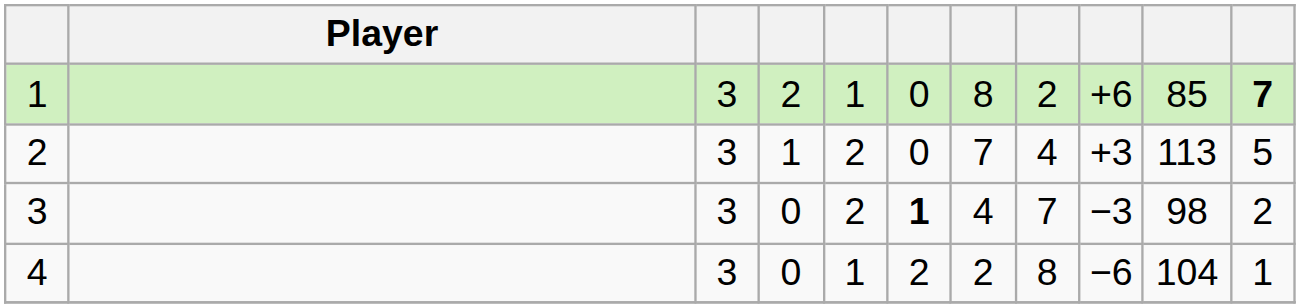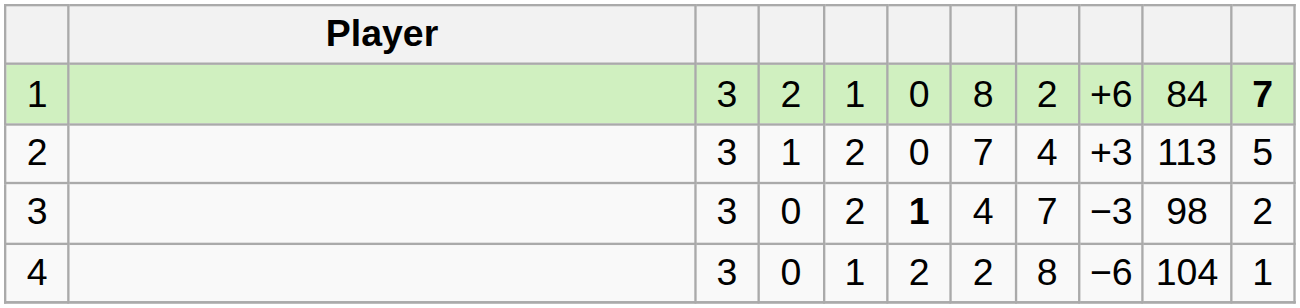 <table class="wikitable" style="text-align:center;">
 <tr>
 <th width=20></th>
 <th width=260>Player</th>
 <th width=20></th>
 <th width=20></th>
 <th width=20></th>
 <th width=20></th>
 <th width=20></th>
 <th width=20></th>
 <th width=20></th>
 <th width=30></th>
 <th width=20></th>
 </tr>
 <tr style="background:#D0F0C0;">
 <td>1</td>
 <td align=left> <small></small></td>
 <td>3</td>
 <td>2</td>
 <td>1</td>
 <td>0</td>
 <td>8</td>
 <td>2</td>
 <td>+6</td>
-<td>85</td>
+<td>84</td>
 <td><strong>7</strong></td>
 </tr>
 <tr>
 <td>2</td>
 <td align=left> <small></small></td>
 <td>3</td>
 <td>1</td>
 <td>2</td>
 <td>0</td>
 <td>7</td>
 <td>4</td>
 <td>+3</td>
 <td>113</td>
 <td>5</td>
 </tr>
 <tr>
 <td>3</td>
 <td align=left> <small></small></td>
 <td>3</td>
 <td>0</td>
 <td>2</td>
 <td><strong>1</strong></td>
 <td>4</td>
 <td>7</td>
 <td>−3</td>
 <td>98</td>
 <td>2</td>
 </tr>
 <tr>
 <td>4</td>
 <td align=left> <small></small></td>
 <td>3</td>
 <td>0</td>
 <td>1</td>
 <td>2</td>
 <td>2</td>
 <td>8</td>
 <td>−6</td>
 <td>104</td>
 <td>1</td>
 </tr>
 <tr>
 </tr>
 </table>
